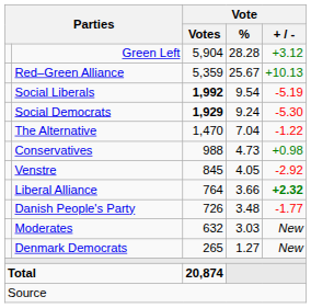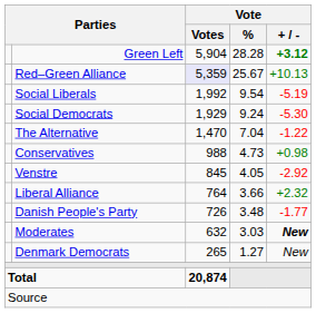 <table class="wikitable" style="text-align:right;">
 <tr>
 <th style="text-align:centre;" rowspan="2" colspan="2" width="225">Parties</th>
 <th colspan="3">Vote</th>
 </tr>
 <tr>
 <th width="15">Votes</th>
 <th width="15">%</th>
 <th width="15">+ / -</th>
 </tr>
 <tr>
 <td width=2 bgcolor=></td>
 <td><a href='#'>Green Left</a></td>
 <td>5,904</td>
 <td>28.28</td>
-<td style=color:green;>+3.12</td>
+<td style=color:green;><strong>+3.12</strong></td>
 </tr>
 <tr>
 <td width=2 bgcolor=></td>
 <td align=left><a href='#'>Red–Green Alliance</a></td>
-<td>5,359</td>
+<td style="background: lavender;">5,359</td>
 <td>25.67</td>
 <td style=color:green;>+10.13</td>
 </tr>
 <tr>
 <td width=2 bgcolor=></td>
 <td align=left><a href='#'>Social Liberals</a></td>
-<td><strong>1,992</strong></td>
+<td>1,992</td>
 <td>9.54</td>
 <td style=color:red;>-5.19</td>
 </tr>
 <tr>
 <td width=2 bgcolor=></td>
 <td align=left><a href='#'>Social Democrats</a></td>
-<td><strong>1,929</strong></td>
+<td>1,929</td>
 <td>9.24</td>
 <td style=color:red;>-5.30</td>
 </tr>
 <tr>
 <td width=2 bgcolor=></td>
 <td align=left><a href='#'>The Alternative</a></td>
 <td>1,470</td>
 <td>7.04</td>
 <td style=color:red;>-1.22</td>
 </tr>
 <tr>
 <td width=2 bgcolor=></td>
 <td align=left><a href='#'>Conservatives</a></td>
 <td>988</td>
 <td>4.73</td>
 <td style=color:green;>+0.98</td>
 </tr>
 <tr>
 <td width=2 bgcolor=></td>
 <td align=left><a href='#'>Venstre</a></td>
 <td>845</td>
 <td>4.05</td>
 <td style=color:red;>-2.92</td>
 </tr>
 <tr>
 <td width=2 bgcolor=></td>
 <td align=left><a href='#'>Liberal Alliance</a></td>
 <td>764</td>
 <td>3.66</td>
-<td style=color:green;><strong>+2.32</strong></td>
+<td style=color:green;>+2.32</td>
 </tr>
 <tr>
 <td width=2 bgcolor=></td>
 <td align=left><a href='#'>Danish People's Party</a></td>
 <td>726</td>
 <td>3.48</td>
 <td style=color:red;>-1.77</td>
 </tr>
 <tr>
 <td width=2 bgcolor=></td>
 <td align=left><a href='#'>Moderates</a></td>
 <td>632</td>
 <td>3.03</td>
-<td><em>New</em></td>
+<td><strong><em>New</em></strong></td>
 </tr>
 <tr>
 <td width=2 bgcolor=></td>
 <td align=left><a href='#'>Denmark Democrats</a></td>
 <td>265</td>
 <td>1.27</td>
 <td><em>New</em></td>
 </tr>
 <tr>
 <td colspan="7" bgcolor="#E9E9E9"></td>
 </tr>
 <tr>
 <td align="left" colspan="2"><strong>Total</strong></td>
 <td><strong>20,874</strong></td>
 <td bgcolor=#E9E9E9 colspan=2></td>
 </tr>
 <tr>
 <td align="left" colspan="6">Source</td>
 </tr>
 </table>
